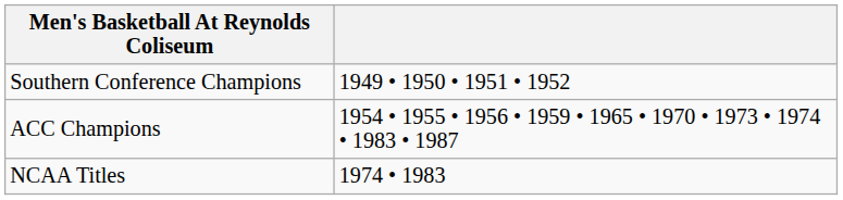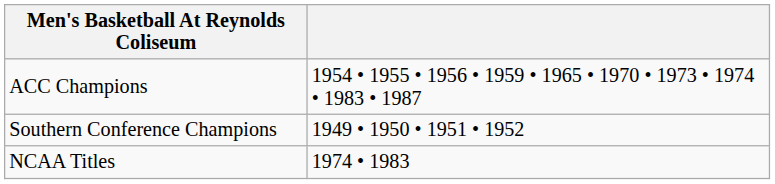 <table class="wikitable">
 <tr>
 <th>Men's Basketball At Reynolds Coliseum</th>
 <th></th>
 </tr>
 <tr>
+<td>ACC Champions</td>
+<td>1954 • 1955 • 1956 • 1959 • 1965 • 1970 • 1973 • 1974 • 1983 • 1987</td>
+</tr>
+<tr>
 <td>Southern Conference Champions</td>
 <td>1949 • 1950 • 1951 • 1952</td>
-</tr>
-<tr>
-<td>ACC Champions</td>
-<td>1954 • 1955 • 1956 • 1959 • 1965 • 1970 • 1973 • 1974 • 1983 • 1987</td>
 </tr>
 <tr>
 <td>NCAA Titles</td>
 <td>1974 • 1983</td>
 </tr>
 </table>
